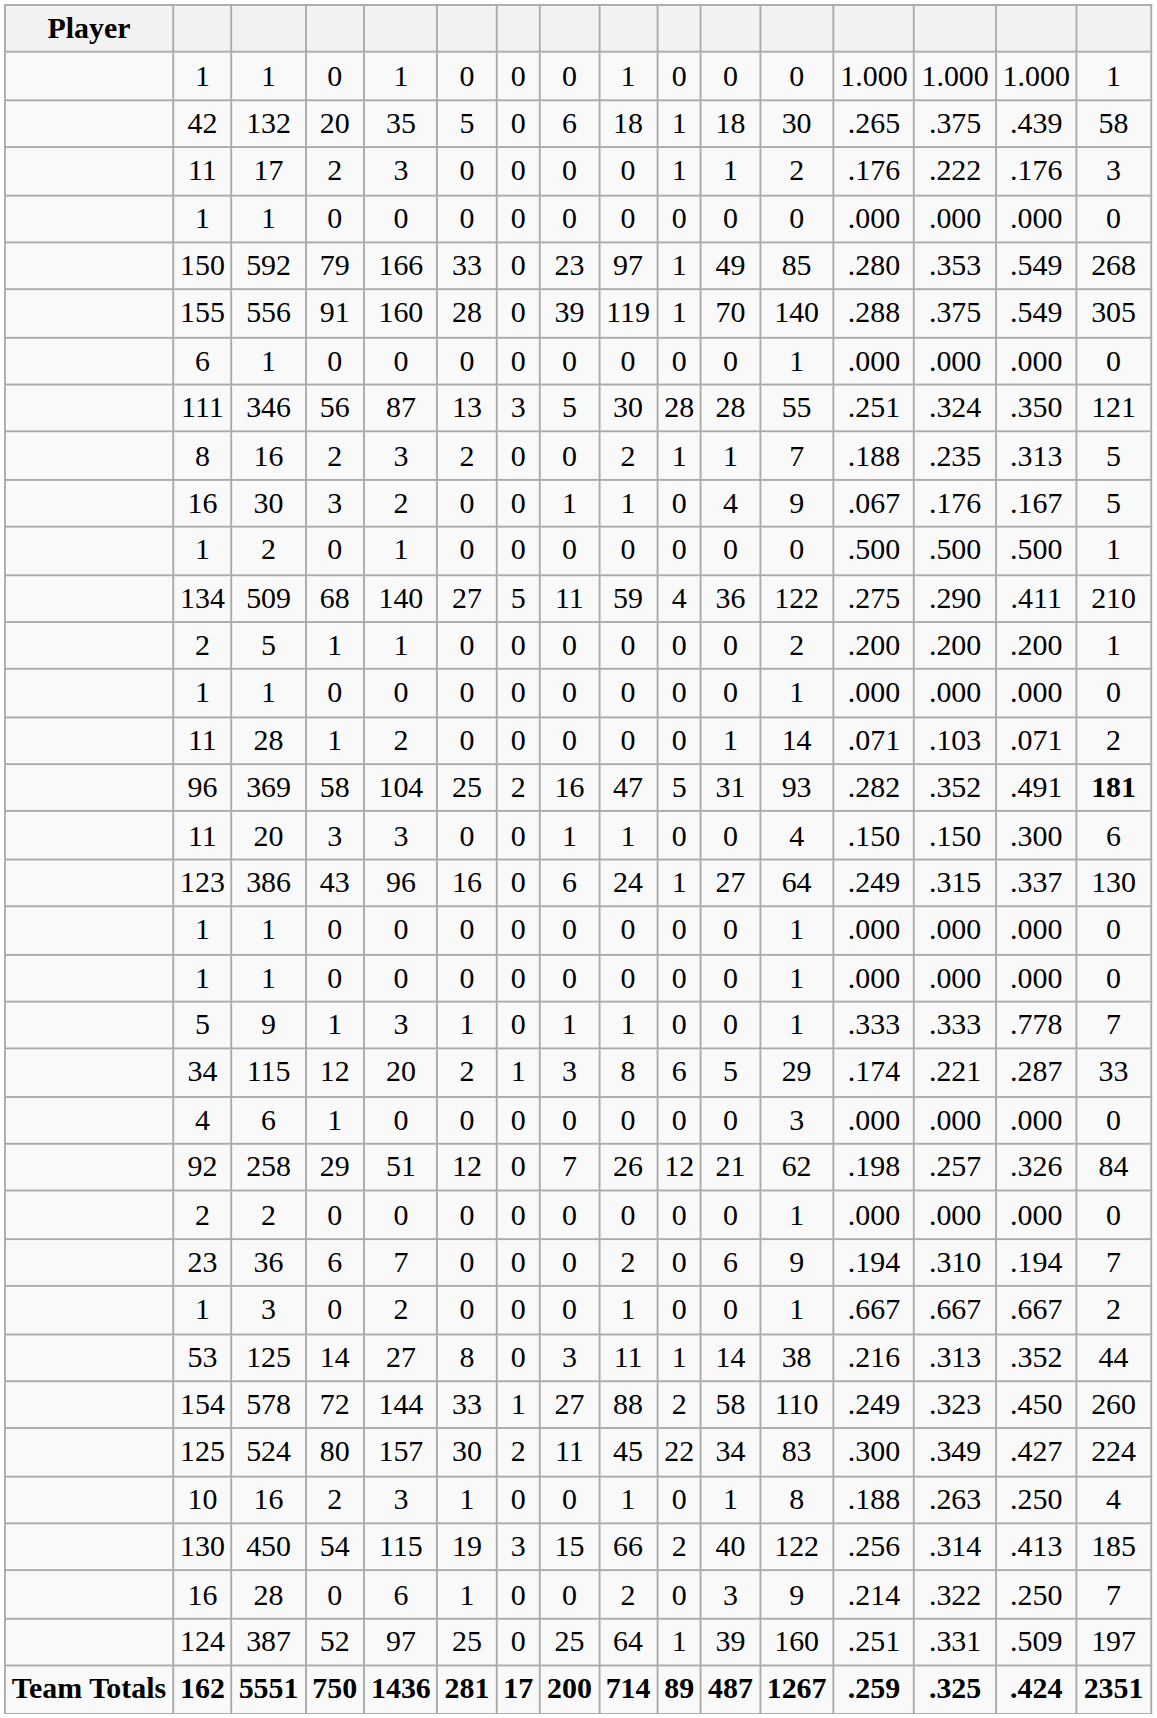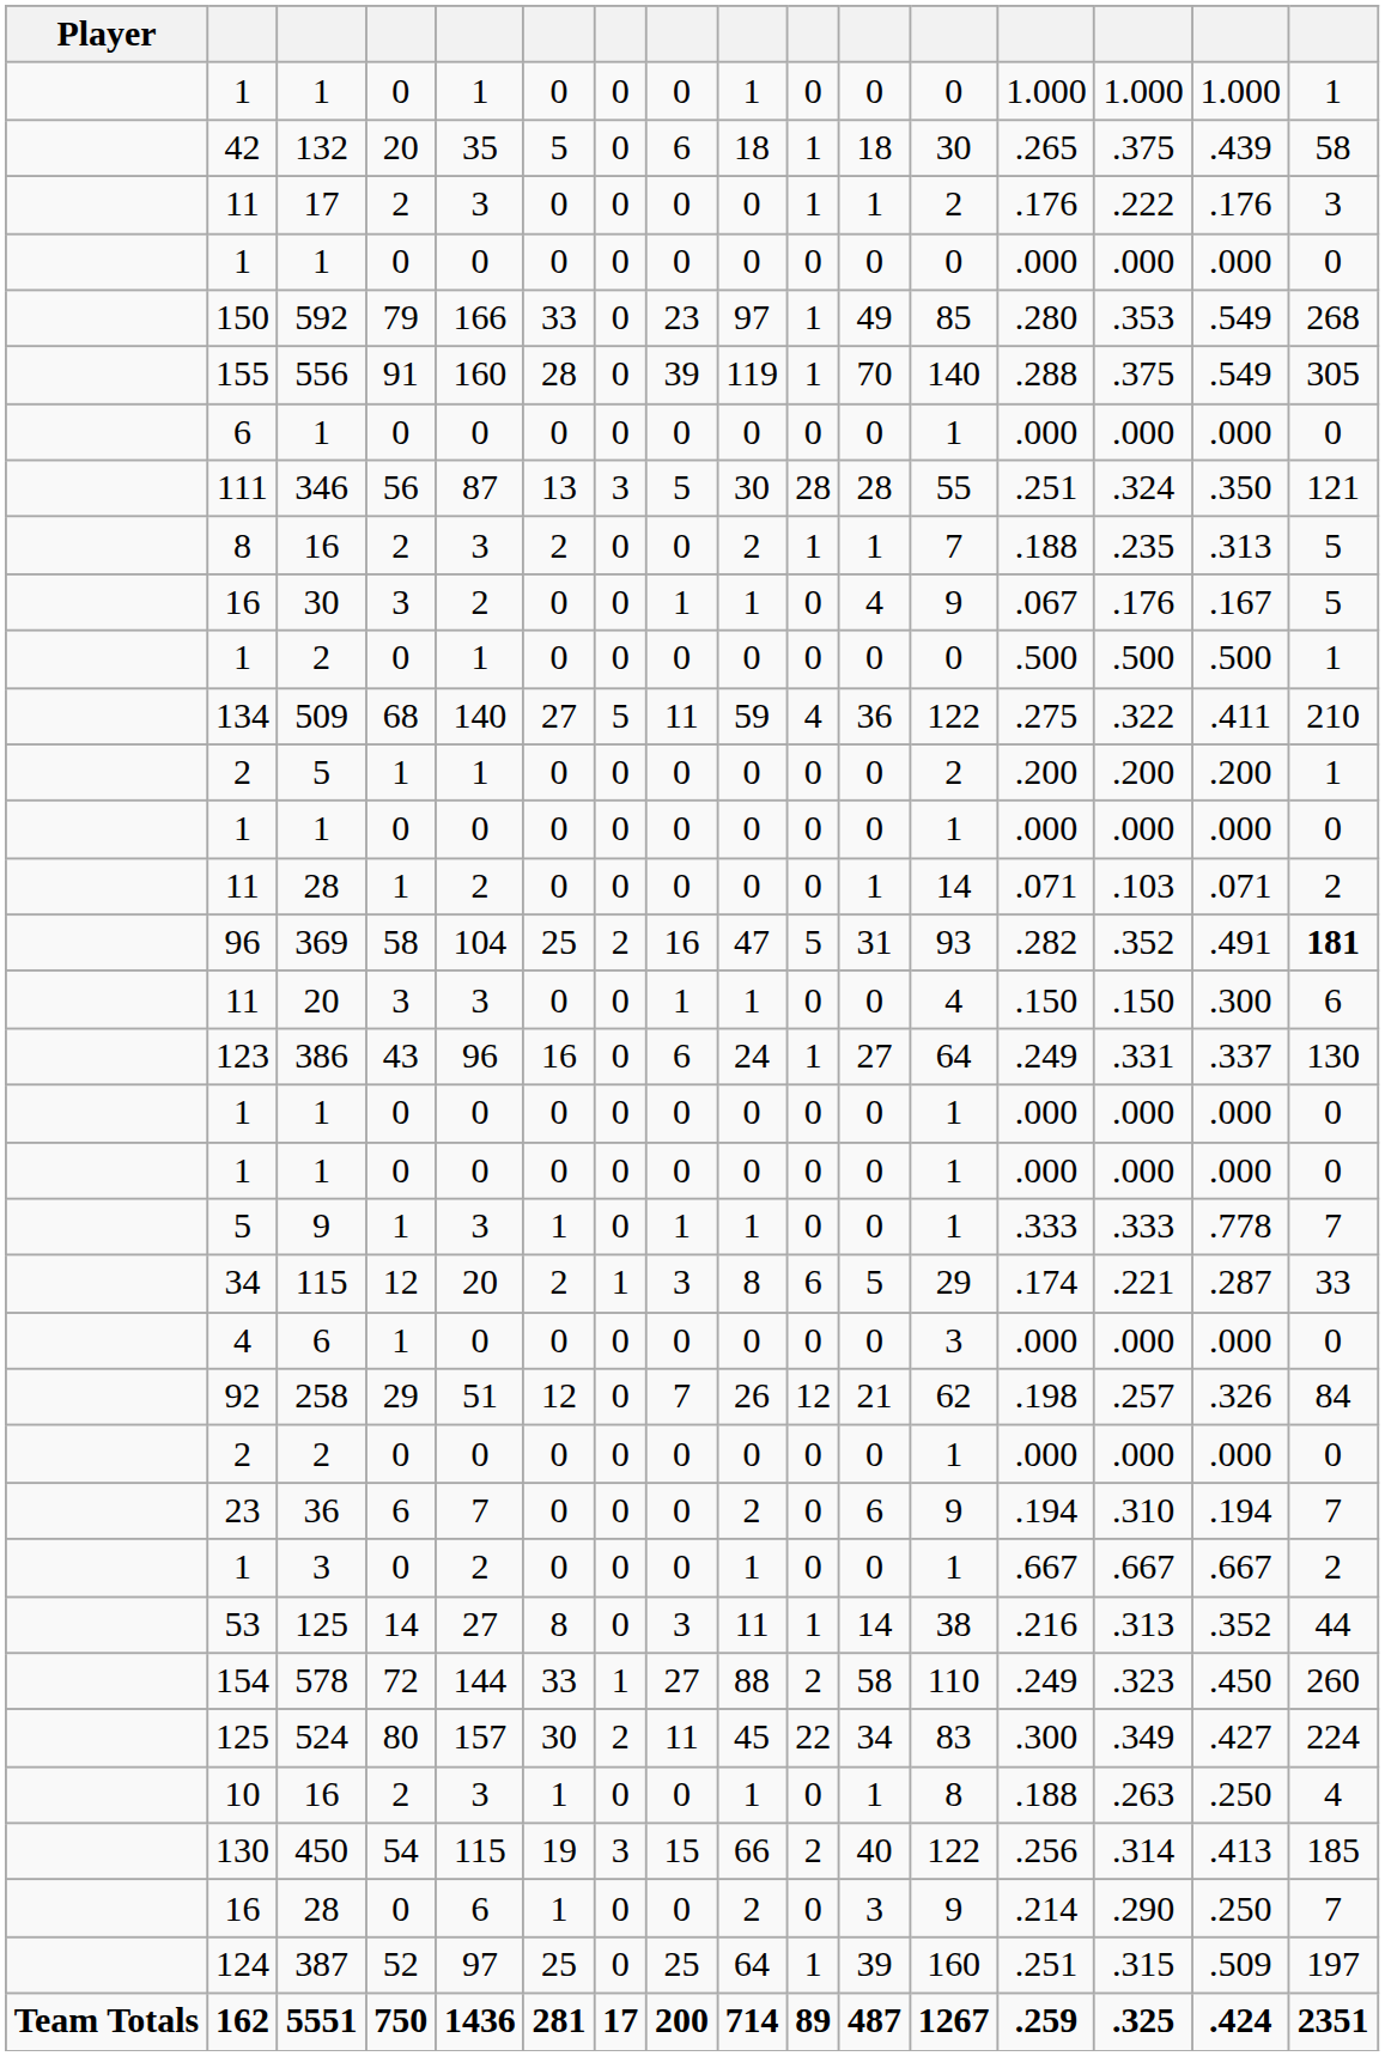 <table class="wikitable sortable" style="text-align:center;">
 <tr>
 <th>Player</th>
 <th></th>
 <th></th>
 <th></th>
 <th></th>
 <th></th>
 <th></th>
 <th></th>
 <th></th>
 <th></th>
 <th></th>
 <th></th>
 <th></th>
 <th></th>
 <th></th>
 <th></th>
 </tr>
 <tr>
 <td align=left></td>
 <td>1</td>
 <td>1</td>
 <td>0</td>
 <td>1</td>
 <td>0</td>
 <td>0</td>
 <td>0</td>
 <td>1</td>
 <td>0</td>
 <td>0</td>
 <td>0</td>
 <td>1.000</td>
 <td>1.000</td>
 <td>1.000</td>
 <td>1</td>
 </tr>
 <tr>
 <td align=left></td>
 <td>42</td>
 <td>132</td>
 <td>20</td>
 <td>35</td>
 <td>5</td>
 <td>0</td>
 <td>6</td>
 <td>18</td>
 <td>1</td>
 <td>18</td>
 <td>30</td>
 <td>.265</td>
 <td>.375</td>
 <td>.439</td>
 <td>58</td>
 </tr>
 <tr>
 <td align=left><strong></strong></td>
 <td>11</td>
 <td>17</td>
 <td>2</td>
 <td>3</td>
 <td>0</td>
 <td>0</td>
 <td>0</td>
 <td>0</td>
 <td>1</td>
 <td>1</td>
 <td>2</td>
 <td>.176</td>
 <td>.222</td>
 <td>.176</td>
 <td>3</td>
 </tr>
 <tr>
 <td align=left></td>
 <td>1</td>
 <td>1</td>
 <td>0</td>
 <td>0</td>
 <td>0</td>
 <td>0</td>
 <td>0</td>
 <td>0</td>
 <td>0</td>
 <td>0</td>
 <td>0</td>
 <td>.000</td>
 <td>.000</td>
 <td>.000</td>
 <td>0</td>
 </tr>
 <tr>
 <td align=left><strong></strong></td>
 <td>150</td>
 <td>592</td>
 <td>79</td>
 <td>166</td>
 <td>33</td>
 <td>0</td>
 <td>23</td>
 <td>97</td>
 <td>1</td>
 <td>49</td>
 <td>85</td>
 <td>.280</td>
 <td>.353</td>
 <td>.549</td>
 <td>268</td>
 </tr>
 <tr>
 <td align=left><strong></strong></td>
 <td>155</td>
 <td>556</td>
 <td>91</td>
 <td>160</td>
 <td>28</td>
 <td>0</td>
 <td>39</td>
 <td>119</td>
 <td>1</td>
 <td>70</td>
 <td>140</td>
 <td>.288</td>
 <td>.375</td>
 <td>.549</td>
 <td>305</td>
 </tr>
 <tr>
 <td align=left><strong></strong></td>
 <td>6</td>
 <td>1</td>
 <td>0</td>
 <td>0</td>
 <td>0</td>
 <td>0</td>
 <td>0</td>
 <td>0</td>
 <td>0</td>
 <td>0</td>
 <td>1</td>
 <td>.000</td>
 <td>.000</td>
 <td>.000</td>
 <td>0</td>
 </tr>
 <tr>
 <td align=left></td>
 <td>111</td>
 <td>346</td>
 <td>56</td>
 <td>87</td>
 <td>13</td>
 <td>3</td>
 <td>5</td>
 <td>30</td>
 <td>28</td>
 <td>28</td>
 <td>55</td>
 <td>.251</td>
 <td>.324</td>
 <td>.350</td>
 <td>121</td>
 </tr>
 <tr>
 <td align=left></td>
 <td>8</td>
 <td>16</td>
 <td>2</td>
 <td>3</td>
 <td>2</td>
 <td>0</td>
 <td>0</td>
 <td>2</td>
 <td>1</td>
 <td>1</td>
 <td>7</td>
 <td>.188</td>
 <td>.235</td>
 <td>.313</td>
 <td>5</td>
 </tr>
 <tr>
 <td align=left></td>
 <td>16</td>
 <td>30</td>
 <td>3</td>
 <td>2</td>
 <td>0</td>
 <td>0</td>
 <td>1</td>
 <td>1</td>
 <td>0</td>
 <td>4</td>
 <td>9</td>
 <td>.067</td>
 <td>.176</td>
 <td>.167</td>
 <td>5</td>
 </tr>
 <tr>
 <td align=left><strong></strong></td>
 <td>1</td>
 <td>2</td>
 <td>0</td>
 <td>1</td>
 <td>0</td>
 <td>0</td>
 <td>0</td>
 <td>0</td>
 <td>0</td>
 <td>0</td>
 <td>0</td>
 <td>.500</td>
 <td>.500</td>
 <td>.500</td>
 <td>1</td>
 </tr>
 <tr>
 <td align=left><strong></strong></td>
 <td>134</td>
 <td>509</td>
 <td>68</td>
 <td>140</td>
 <td>27</td>
 <td>5</td>
 <td>11</td>
 <td>59</td>
 <td>4</td>
 <td>36</td>
 <td>122</td>
 <td>.275</td>
-<td>.290</td>
+<td>.322</td>
 <td>.411</td>
 <td>210</td>
 </tr>
 <tr>
 <td align=left></td>
 <td>2</td>
 <td>5</td>
 <td>1</td>
 <td>1</td>
 <td>0</td>
 <td>0</td>
 <td>0</td>
 <td>0</td>
 <td>0</td>
 <td>0</td>
 <td>2</td>
 <td>.200</td>
 <td>.200</td>
 <td>.200</td>
 <td>1</td>
 </tr>
 <tr>
 <td align=left><strong></strong></td>
 <td>1</td>
 <td>1</td>
 <td>0</td>
 <td>0</td>
 <td>0</td>
 <td>0</td>
 <td>0</td>
 <td>0</td>
 <td>0</td>
 <td>0</td>
 <td>1</td>
 <td>.000</td>
 <td>.000</td>
 <td>.000</td>
 <td>0</td>
 </tr>
 <tr>
 <td align=left></td>
 <td>11</td>
 <td>28</td>
 <td>1</td>
 <td>2</td>
 <td>0</td>
 <td>0</td>
 <td>0</td>
 <td>0</td>
 <td>0</td>
 <td>1</td>
 <td>14</td>
 <td>.071</td>
 <td>.103</td>
 <td>.071</td>
 <td>2</td>
 </tr>
 <tr>
 <td align=left><strong></strong></td>
 <td>96</td>
 <td>369</td>
 <td>58</td>
 <td>104</td>
 <td>25</td>
 <td>2</td>
 <td>16</td>
 <td>47</td>
 <td>5</td>
 <td>31</td>
 <td>93</td>
 <td>.282</td>
 <td>.352</td>
 <td>.491</td>
 <td><strong>181</strong></td>
 </tr>
 <tr>
 <td align=left></td>
 <td>11</td>
 <td>20</td>
 <td>3</td>
 <td>3</td>
 <td>0</td>
 <td>0</td>
 <td>1</td>
 <td>1</td>
 <td>0</td>
 <td>0</td>
 <td>4</td>
 <td>.150</td>
 <td>.150</td>
 <td>.300</td>
 <td>6</td>
 </tr>
 <tr>
 <td align=left><strong></strong></td>
 <td>123</td>
 <td>386</td>
 <td>43</td>
 <td>96</td>
 <td>16</td>
 <td>0</td>
 <td>6</td>
 <td>24</td>
 <td>1</td>
 <td>27</td>
 <td>64</td>
 <td>.249</td>
-<td>.315</td>
+<td>.331</td>
 <td>.337</td>
 <td>130</td>
 </tr>
 <tr>
 <td align=left><strong></strong></td>
 <td>1</td>
 <td>1</td>
 <td>0</td>
 <td>0</td>
 <td>0</td>
 <td>0</td>
 <td>0</td>
 <td>0</td>
 <td>0</td>
 <td>0</td>
 <td>1</td>
 <td>.000</td>
 <td>.000</td>
 <td>.000</td>
 <td>0</td>
 </tr>
 <tr>
 <td align=left></td>
 <td>1</td>
 <td>1</td>
 <td>0</td>
 <td>0</td>
 <td>0</td>
 <td>0</td>
 <td>0</td>
 <td>0</td>
 <td>0</td>
 <td>0</td>
 <td>1</td>
 <td>.000</td>
 <td>.000</td>
 <td>.000</td>
 <td>0</td>
 </tr>
 <tr>
 <td align=left><strong></strong></td>
 <td>5</td>
 <td>9</td>
 <td>1</td>
 <td>3</td>
 <td>1</td>
 <td>0</td>
 <td>1</td>
 <td>1</td>
 <td>0</td>
 <td>0</td>
 <td>1</td>
 <td>.333</td>
 <td>.333</td>
 <td>.778</td>
 <td>7</td>
 </tr>
 <tr>
 <td align=left></td>
 <td>34</td>
 <td>115</td>
 <td>12</td>
 <td>20</td>
 <td>2</td>
 <td>1</td>
 <td>3</td>
 <td>8</td>
 <td>6</td>
 <td>5</td>
 <td>29</td>
 <td>.174</td>
 <td>.221</td>
 <td>.287</td>
 <td>33</td>
 </tr>
 <tr>
 <td align=left></td>
 <td>4</td>
 <td>6</td>
 <td>1</td>
 <td>0</td>
 <td>0</td>
 <td>0</td>
 <td>0</td>
 <td>0</td>
 <td>0</td>
 <td>0</td>
 <td>3</td>
 <td>.000</td>
 <td>.000</td>
 <td>.000</td>
 <td>0</td>
 </tr>
 <tr>
 <td align=left><strong></strong></td>
 <td>92</td>
 <td>258</td>
 <td>29</td>
 <td>51</td>
 <td>12</td>
 <td>0</td>
 <td>7</td>
 <td>26</td>
 <td>12</td>
 <td>21</td>
 <td>62</td>
 <td>.198</td>
 <td>.257</td>
 <td>.326</td>
 <td>84</td>
 </tr>
 <tr>
 <td align=left><strong></strong></td>
 <td>2</td>
 <td>2</td>
 <td>0</td>
 <td>0</td>
 <td>0</td>
 <td>0</td>
 <td>0</td>
 <td>0</td>
 <td>0</td>
 <td>0</td>
 <td>1</td>
 <td>.000</td>
 <td>.000</td>
 <td>.000</td>
 <td>0</td>
 </tr>
 <tr>
 <td align=left></td>
 <td>23</td>
 <td>36</td>
 <td>6</td>
 <td>7</td>
 <td>0</td>
 <td>0</td>
 <td>0</td>
 <td>2</td>
 <td>0</td>
 <td>6</td>
 <td>9</td>
 <td>.194</td>
 <td>.310</td>
 <td>.194</td>
 <td>7</td>
 </tr>
 <tr>
 <td align=left><strong></strong></td>
 <td>1</td>
 <td>3</td>
 <td>0</td>
 <td>2</td>
 <td>0</td>
 <td>0</td>
 <td>0</td>
 <td>1</td>
 <td>0</td>
 <td>0</td>
 <td>1</td>
 <td>.667</td>
 <td>.667</td>
 <td>.667</td>
 <td>2</td>
 </tr>
 <tr>
 <td align=left></td>
 <td>53</td>
 <td>125</td>
 <td>14</td>
 <td>27</td>
 <td>8</td>
 <td>0</td>
 <td>3</td>
 <td>11</td>
 <td>1</td>
 <td>14</td>
 <td>38</td>
 <td>.216</td>
 <td>.313</td>
 <td>.352</td>
 <td>44</td>
 </tr>
 <tr>
 <td align=left></td>
 <td>154</td>
 <td>578</td>
 <td>72</td>
 <td>144</td>
 <td>33</td>
 <td>1</td>
 <td>27</td>
 <td>88</td>
 <td>2</td>
 <td>58</td>
 <td>110</td>
 <td>.249</td>
 <td>.323</td>
 <td>.450</td>
 <td>260</td>
 </tr>
 <tr>
 <td align=left><strong></strong></td>
 <td>125</td>
 <td>524</td>
 <td>80</td>
 <td>157</td>
 <td>30</td>
 <td>2</td>
 <td>11</td>
 <td>45</td>
 <td>22</td>
 <td>34</td>
 <td>83</td>
 <td>.300</td>
 <td>.349</td>
 <td>.427</td>
 <td>224</td>
 </tr>
 <tr>
 <td align=left></td>
 <td>10</td>
 <td>16</td>
 <td>2</td>
 <td>3</td>
 <td>1</td>
 <td>0</td>
 <td>0</td>
 <td>1</td>
 <td>0</td>
 <td>1</td>
 <td>8</td>
 <td>.188</td>
 <td>.263</td>
 <td>.250</td>
 <td>4</td>
 </tr>
 <tr>
 <td align=left></td>
 <td>130</td>
 <td>450</td>
 <td>54</td>
 <td>115</td>
 <td>19</td>
 <td>3</td>
 <td>15</td>
 <td>66</td>
 <td>2</td>
 <td>40</td>
 <td>122</td>
 <td>.256</td>
 <td>.314</td>
 <td>.413</td>
 <td>185</td>
 </tr>
 <tr>
 <td align=left><strong></strong></td>
 <td>16</td>
 <td>28</td>
 <td>0</td>
 <td>6</td>
 <td>1</td>
 <td>0</td>
 <td>0</td>
 <td>2</td>
 <td>0</td>
 <td>3</td>
 <td>9</td>
 <td>.214</td>
-<td>.322</td>
+<td>.290</td>
 <td>.250</td>
 <td>7</td>
 </tr>
 <tr>
 <td align=left><strong></strong></td>
 <td>124</td>
 <td>387</td>
 <td>52</td>
 <td>97</td>
 <td>25</td>
 <td>0</td>
 <td>25</td>
 <td>64</td>
 <td>1</td>
 <td>39</td>
 <td>160</td>
 <td>.251</td>
-<td>.331</td>
+<td>.315</td>
 <td>.509</td>
 <td>197</td>
 </tr>
 <tr>
 <td align=left><strong>Team Totals</strong></td>
 <td><strong>162</strong></td>
 <td><strong>5551</strong></td>
 <td><strong>750</strong></td>
 <td><strong>1436</strong></td>
 <td><strong>281</strong></td>
 <td><strong>17</strong></td>
 <td><strong>200</strong></td>
 <td><strong>714</strong></td>
 <td><strong>89</strong></td>
 <td><strong>487</strong></td>
 <td><strong>1267</strong></td>
 <td><strong>.259</strong></td>
 <td><strong>.325</strong></td>
 <td><strong>.424</strong></td>
 <td><strong>2351</strong></td>
 </tr>
 <tr class="sortbottom|}">
 </tr>
 </table>
